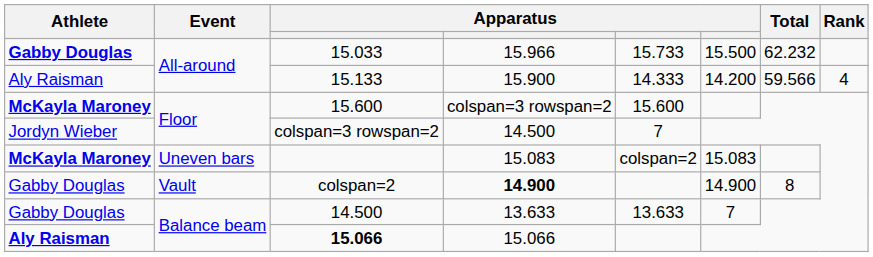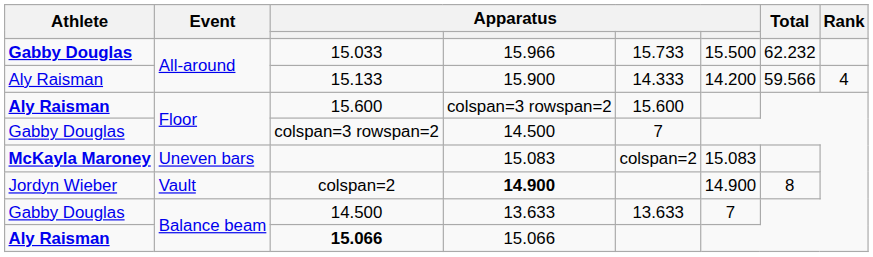 <table class=wikitable style=font-size:90%;text-align:center>
 <tr>
 <th rowspan=2>Athlete</th>
 <th rowspan=2>Event</th>
 <th colspan=4>Apparatus</th>
 <th rowspan=2>Total</th>
 <th rowspan=2>Rank</th>
 </tr>
 <tr style=font-size:95%>
 <th></th>
 <th></th>
 <th></th>
 <th></th>
 </tr>
 <tr>
 <td align=left><strong><a href='#'>Gabby Douglas</a></strong></td>
 <td align=left rowspan=2><a href='#'>All-around</a></td>
 <td>15.033</td>
 <td>15.966</td>
 <td>15.733</td>
 <td>15.500</td>
 <td>62.232</td>
 <td></td>
 </tr>
 <tr>
 <td align=left><a href='#'>Aly Raisman</a></td>
 <td>15.133</td>
 <td>15.900</td>
 <td>14.333</td>
 <td>14.200</td>
 <td>59.566</td>
 <td>4</td>
 </tr>
 <tr>
-<td align=left><strong><a href='#'>McKayla Maroney</a></strong></td>
+<td align=left><strong><a href='#'>Aly Raisman</a></strong></td>
 <td align=left rowspan=2><a href='#'>Floor</a></td>
 <td>15.600</td>
 <td>colspan=3 rowspan=2 </td>
 <td>15.600</td>
 <td></td>
 </tr>
 <tr>
-<td align=left><a href='#'>Jordyn Wieber</a></td>
+<td align=left><a href='#'>Gabby Douglas</a></td>
 <td>colspan=3 rowspan=2 </td>
 <td>14.500</td>
 <td>7</td>
 </tr>
 <tr>
 <td align=left><strong><a href='#'>McKayla Maroney</a></strong></td>
 <td align=left><a href='#'>Uneven bars</a></td>
 <td></td>
 <td>15.083</td>
 <td>colspan=2 </td>
 <td>15.083</td>
 <td></td>
 </tr>
 <tr>
-<td align=left><a href='#'>Gabby Douglas</a></td>
+<td align=left><a href='#'>Jordyn Wieber</a></td>
 <td align=left><a href='#'>Vault</a></td>
 <td>colspan=2 </td>
 <td><strong>14.900</strong></td>
 <td></td>
 <td>14.900</td>
 <td>8</td>
 </tr>
 <tr>
 <td align=left><a href='#'>Gabby Douglas</a></td>
 <td align=left rowspan=2><a href='#'>Balance beam</a></td>
 <td>14.500</td>
 <td>13.633</td>
 <td>13.633</td>
 <td>7</td>
 </tr>
 <tr>
 <td align=left><strong><a href='#'>Aly Raisman</a></strong></td>
 <td><strong>15.066</strong></td>
 <td>15.066</td>
 <td></td>
 </tr>
 </table>
